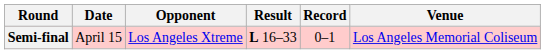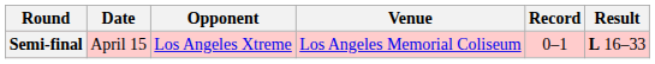 <table class="wikitable" style="text-align:center">
 <tr>
 <th>Round</th>
 <th>Date</th>
 <th>Opponent</th>
+<th>Venue</th>
+<th>Record</th>
 <th>Result</th>
-<th>Record</th>
-<th>Venue</th>
 </tr>
 <tr style="background:#fcc">
 <th>Semi-final</th>
 <td>April 15</td>
 <td><a href='#'>Los Angeles Xtreme</a></td>
+<td><a href='#'>Los Angeles Memorial Coliseum</a></td>
+<td>0–1</td>
 <td><strong>L</strong> 16–33</td>
-<td>0–1</td>
-<td><a href='#'>Los Angeles Memorial Coliseum</a></td>
 </tr>
 </table>
